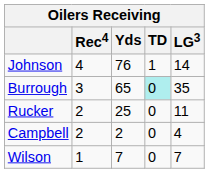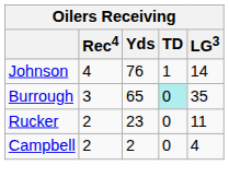 <table class="wikitable">
 <tr>
 <th colspan="5">Oilers Receiving</th>
 </tr>
 <tr>
 <th></th>
 <th>Rec<sup>4</sup></th>
 <th>Yds</th>
 <th>TD</th>
 <th>LG<sup>3</sup></th>
 </tr>
 <tr>
 <td><a href='#'>Johnson</a></td>
 <td>4</td>
 <td>76</td>
 <td>1</td>
 <td>14</td>
 </tr>
 <tr>
 <td><a href='#'>Burrough</a></td>
 <td>3</td>
 <td>65</td>
 <td style="background: paleturquoise;">0</td>
 <td>35</td>
 </tr>
 <tr>
 <td><a href='#'>Rucker</a></td>
 <td>2</td>
-<td>25</td>
+<td>23</td>
 <td>0</td>
 <td>11</td>
 </tr>
 <tr>
 <td><a href='#'>Campbell</a></td>
 <td>2</td>
 <td>2</td>
 <td>0</td>
 <td>4</td>
 </tr>
-<tr>
-<td><a href='#'>Wilson</a></td>
-<td>1</td>
-<td>7</td>
-<td>0</td>
-<td>7</td>
-</tr>
 </table>
